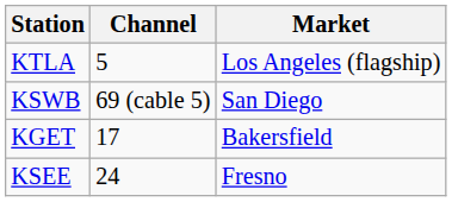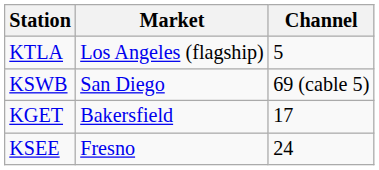 <table class="wikitable">
 <tr>
 <th>Station</th>
+<th>Market</th>
 <th>Channel</th>
-<th>Market</th>
 </tr>
 <tr>
 <td><a href='#'>KTLA</a></td>
+<td><a href='#'>Los Angeles</a> (flagship)</td>
 <td>5</td>
-<td><a href='#'>Los Angeles</a> (flagship)</td>
 </tr>
 <tr>
 <td><a href='#'>KSWB</a></td>
+<td><a href='#'>San Diego</a></td>
 <td>69 (cable 5)</td>
-<td><a href='#'>San Diego</a></td>
 </tr>
 <tr>
 <td><a href='#'>KGET</a></td>
+<td><a href='#'>Bakersfield</a></td>
 <td>17</td>
-<td><a href='#'>Bakersfield</a></td>
 </tr>
 <tr>
 <td><a href='#'>KSEE</a></td>
+<td><a href='#'>Fresno</a></td>
 <td>24</td>
-<td><a href='#'>Fresno</a></td>
 </tr>
 </table>
